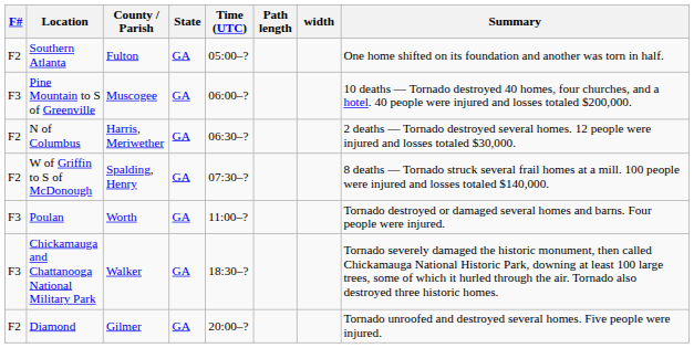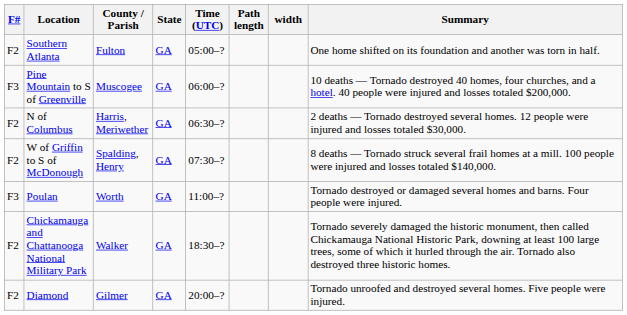 <table class="wikitable sortable" style="width:100%;">
 <tr>
 <th scope="col"  style="width:3%; text-align:center;"><a href='#'>F#</a></th>
 <th scope="col"  style="width:7%; text-align:center;" class="unsortable">Location</th>
 <th scope="col"  style="width:6%; text-align:center;" class="unsortable">County / Parish</th>
 <th scope="col"  style="width:5%; text-align:center;">State</th>
 <th scope="col"  style="width:6%; text-align:center;">Time (<a href='#'>UTC</a>)</th>
 <th scope="col"  style="width:6%; text-align:center;">Path length</th>
 <th scope="col"  style="width:6%; text-align:center;"> width</th>
 <th scope="col" class="unsortable" style="width:48%; text-align:center;">Summary</th>
 </tr>
 <tr>
 <td>F2</td>
 <td><a href='#'>Southern Atlanta</a></td>
 <td><a href='#'>Fulton</a></td>
 <td><a href='#'>GA</a></td>
 <td>05:00–?</td>
 <td></td>
 <td></td>
 <td>One home shifted on its foundation and another was torn in half.</td>
 </tr>
 <tr>
 <td>F3</td>
 <td><a href='#'>Pine Mountain</a> to S of <a href='#'>Greenville</a></td>
 <td><a href='#'>Muscogee</a></td>
 <td><a href='#'>GA</a></td>
 <td>06:00–?</td>
 <td></td>
 <td></td>
 <td>10 deaths — Tornado destroyed 40 homes, four churches, and a <a href='#'>hotel</a>. 40 people were injured and losses totaled $200,000.</td>
 </tr>
 <tr>
 <td>F2</td>
 <td>N of <a href='#'>Columbus</a></td>
 <td><a href='#'>Harris</a>, <a href='#'>Meriwether</a></td>
 <td><a href='#'>GA</a></td>
 <td>06:30–?</td>
 <td></td>
 <td></td>
 <td>2 deaths — Tornado destroyed several homes. 12 people were injured and losses totaled $30,000.</td>
 </tr>
 <tr>
 <td>F2</td>
 <td>W of <a href='#'>Griffin</a> to S of <a href='#'>McDonough</a></td>
 <td><a href='#'>Spalding</a>, <a href='#'>Henry</a></td>
 <td><a href='#'>GA</a></td>
 <td>07:30–?</td>
 <td></td>
 <td></td>
 <td>8 deaths — Tornado struck several frail homes at a mill. 100 people were injured and losses totaled $140,000.</td>
 </tr>
 <tr>
 <td>F3</td>
 <td><a href='#'>Poulan</a></td>
 <td><a href='#'>Worth</a></td>
 <td><a href='#'>GA</a></td>
 <td>11:00–?</td>
 <td></td>
 <td></td>
 <td>Tornado destroyed or damaged several homes and barns. Four people were injured.</td>
 </tr>
 <tr>
-<td>F3</td>
+<td>F2</td>
 <td><a href='#'>Chickamauga and Chattanooga National Military Park</a></td>
 <td><a href='#'>Walker</a></td>
 <td><a href='#'>GA</a></td>
 <td>18:30–?</td>
 <td></td>
 <td></td>
 <td>Tornado severely damaged the historic monument, then called Chickamauga National Historic Park, downing at least 100 large trees, some of which it hurled  through the air. Tornado also destroyed three historic homes.</td>
 </tr>
 <tr>
 <td>F2</td>
 <td><a href='#'>Diamond</a></td>
 <td><a href='#'>Gilmer</a></td>
 <td><a href='#'>GA</a></td>
 <td>20:00–?</td>
 <td></td>
 <td></td>
 <td>Tornado unroofed and destroyed several homes. Five people were injured.</td>
 </tr>
 </table>
